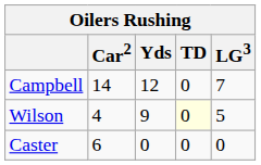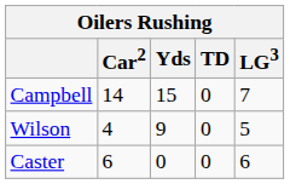 <table class="wikitable">
 <tr>
 <th colspan="5">Oilers Rushing</th>
 </tr>
 <tr>
 <th></th>
 <th>Car<sup>2</sup></th>
 <th>Yds</th>
 <th>TD</th>
 <th>LG<sup>3</sup></th>
 </tr>
 <tr>
 <td><a href='#'>Campbell</a></td>
 <td>14</td>
-<td>12</td>
+<td>15</td>
 <td>0</td>
 <td>7</td>
 </tr>
 <tr>
 <td><a href='#'>Wilson</a></td>
 <td>4</td>
 <td>9</td>
-<td style="background: lightyellow;">0</td>
+<td>0</td>
 <td>5</td>
 </tr>
 <tr>
 <td><a href='#'>Caster</a></td>
 <td>6</td>
 <td>0</td>
 <td>0</td>
-<td>0</td>
+<td>6</td>
 </tr>
 </table>
